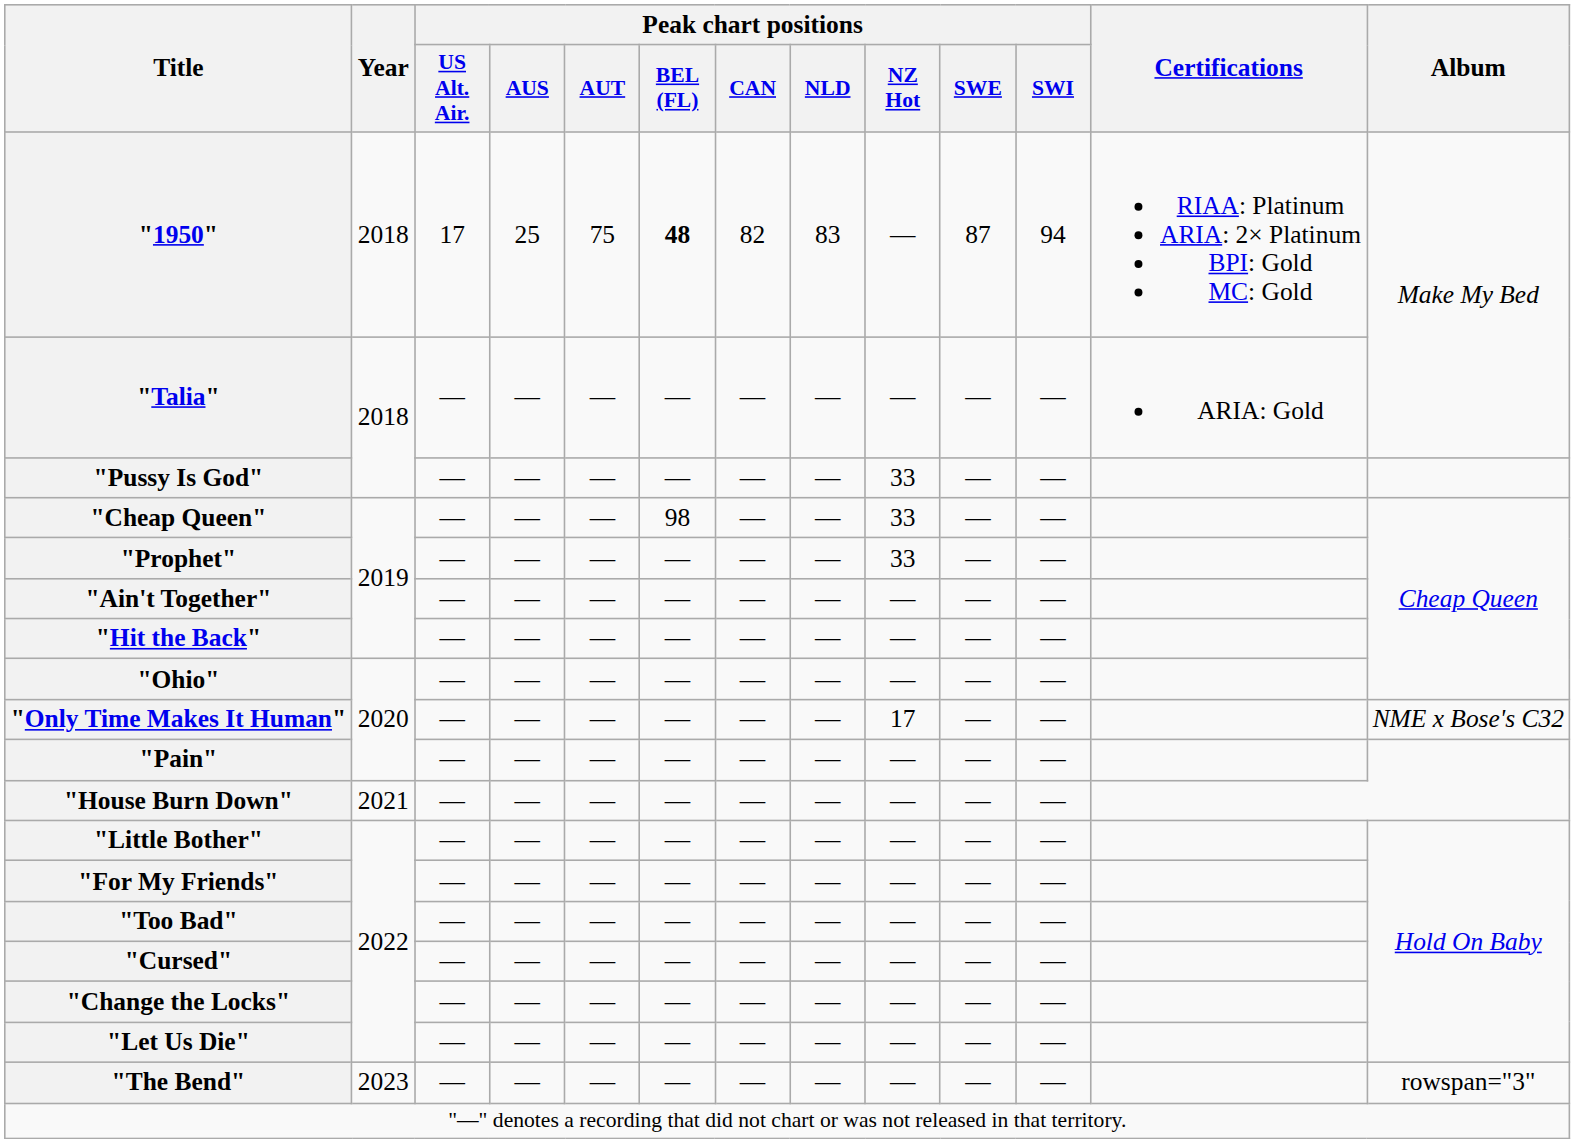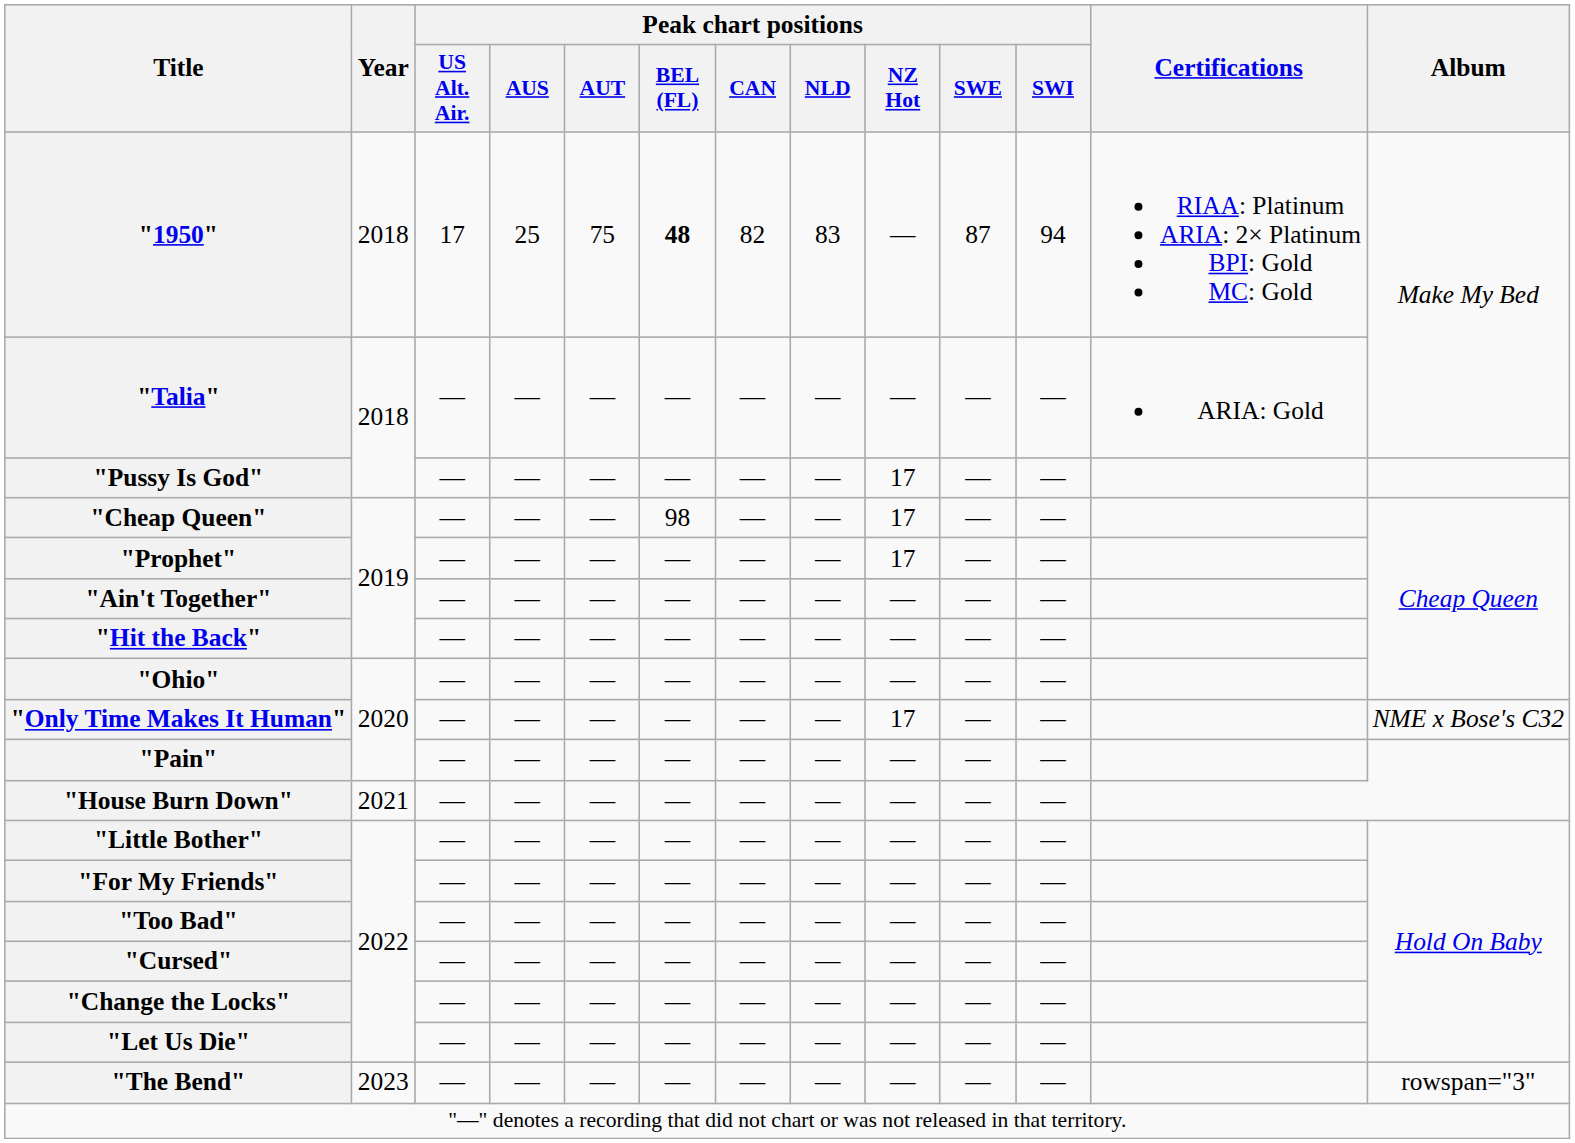 <table class="wikitable plainrowheaders" style="text-align:center;">
 <tr>
 <th scope="col" rowspan="2">Title</th>
 <th scope="col" rowspan="2">Year</th>
 <th colspan="9">Peak chart positions</th>
 <th scope="col" rowspan="2"><a href='#'>Certifications</a></th>
 <th scope="col" rowspan="2">Album</th>
 </tr>
 <tr>
 <th scope="col" style="width:3em;font-size:85%;"><a href='#'>US<br>Alt.<br>Air.</a><br></th>
 <th scope="col" style="width:3em;font-size:85%;"><a href='#'>AUS</a><br></th>
 <th scope="col" style="width:3em;font-size:85%;"><a href='#'>AUT</a><br></th>
 <th scope="col" style="width:3em;font-size:85%;"><a href='#'>BEL<br>(FL)</a><br></th>
 <th scope="col" style="width:3em;font-size:85%;"><a href='#'>CAN</a><br></th>
 <th scope="col" style="width:3em;font-size:85%;"><a href='#'>NLD</a><br></th>
 <th scope="col" style="width:3em;font-size:85%;"><a href='#'>NZ<br>Hot</a><br></th>
 <th scope="col" style="width:3em;font-size:85%;"><a href='#'>SWE</a><br></th>
 <th scope="col" style="width:3em;font-size:85%;"><a href='#'>SWI</a><br></th>
 </tr>
 <tr>
 <th scope="row">"<a href='#'>1950</a>"</th>
 <td rowspan="1">2018</td>
 <td>17</td>
 <td>25</td>
 <td>75</td>
 <td><strong>48</strong></td>
 <td>82</td>
 <td>83</td>
 <td>—</td>
 <td>87</td>
 <td>94</td>
 <td><br><ul><li><a href='#'>RIAA</a>: Platinum</li><li><a href='#'>ARIA</a>: 2× Platinum</li><li><a href='#'>BPI</a>: Gold</li><li><a href='#'>MC</a>: Gold</li></ul></td>
 <td rowspan="2"><em>Make My Bed</em></td>
 </tr>
 <tr>
 <th scope="row">"<a href='#'>Talia</a>"</th>
 <td rowspan="2">2018</td>
 <td>—</td>
 <td>—</td>
 <td>—</td>
 <td>—</td>
 <td>—</td>
 <td>—</td>
 <td>—</td>
 <td>—</td>
 <td>—</td>
 <td><br><ul><li>ARIA: Gold</li></ul></td>
 </tr>
 <tr>
 <th scope="row">"Pussy Is God"</th>
 <td>—</td>
 <td>—</td>
 <td>—</td>
 <td>—</td>
 <td>—</td>
 <td>—</td>
-<td>33</td>
+<td>17</td>
 <td>—</td>
 <td>—</td>
 <td></td>
 <td></td>
 </tr>
 <tr>
 <th scope="row">"Cheap Queen"</th>
 <td rowspan="4">2019</td>
 <td>—</td>
 <td>—</td>
 <td>—</td>
 <td>98</td>
 <td>—</td>
 <td>—</td>
-<td>33</td>
+<td>17</td>
 <td>—</td>
 <td>—</td>
 <td></td>
 <td rowspan="5"><em><a href='#'>Cheap Queen</a></em></td>
 </tr>
 <tr>
 <th scope="row">"Prophet"</th>
 <td>—</td>
 <td>—</td>
 <td>—</td>
 <td>—</td>
 <td>—</td>
 <td>—</td>
-<td>33</td>
+<td>17</td>
 <td>—</td>
 <td>—</td>
 <td></td>
 </tr>
 <tr>
 <th scope="row">"Ain't Together"</th>
 <td>—</td>
 <td>—</td>
 <td>—</td>
 <td>—</td>
 <td>—</td>
 <td>—</td>
 <td>—</td>
 <td>—</td>
 <td>—</td>
 <td></td>
 </tr>
 <tr>
 <th scope="row">"<a href='#'>Hit the Back</a>"</th>
 <td>—</td>
 <td>—</td>
 <td>—</td>
 <td>—</td>
 <td>—</td>
 <td>—</td>
 <td>—</td>
 <td>—</td>
 <td>—</td>
 <td></td>
 </tr>
 <tr>
 <th scope="row">"Ohio"</th>
 <td rowspan="3">2020</td>
 <td>—</td>
 <td>—</td>
 <td>—</td>
 <td>—</td>
 <td>—</td>
 <td>—</td>
 <td>—</td>
 <td>—</td>
 <td>—</td>
 <td></td>
 </tr>
 <tr>
 <th scope="row">"<a href='#'>Only Time Makes It Human</a>"</th>
 <td>—</td>
 <td>—</td>
 <td>—</td>
 <td>—</td>
 <td>—</td>
 <td>—</td>
 <td>17</td>
 <td>—</td>
 <td>—</td>
 <td></td>
 <td><em>NME x Bose's C32</em></td>
 </tr>
 <tr>
 <th scope="row">"Pain"</th>
 <td>—</td>
 <td>—</td>
 <td>—</td>
 <td>—</td>
 <td>—</td>
 <td>—</td>
 <td>—</td>
 <td>—</td>
 <td>—</td>
 <td></td>
 </tr>
 <tr>
 <th scope="row">"House Burn Down"</th>
 <td>2021</td>
 <td>—</td>
 <td>—</td>
 <td>—</td>
 <td>—</td>
 <td>—</td>
 <td>—</td>
 <td>—</td>
 <td>—</td>
 <td>—</td>
 </tr>
 <tr>
 <th scope="row">"Little Bother"<br></th>
 <td rowspan="6">2022</td>
 <td>—</td>
 <td>—</td>
 <td>—</td>
 <td>—</td>
 <td>—</td>
 <td>—</td>
 <td>—</td>
 <td>—</td>
 <td>—</td>
 <td></td>
 <td rowspan="6"><em><a href='#'>Hold On Baby</a></em></td>
 </tr>
 <tr>
 <th scope="row">"For My Friends"</th>
 <td>—</td>
 <td>—</td>
 <td>—</td>
 <td>—</td>
 <td>—</td>
 <td>—</td>
 <td>—</td>
 <td>—</td>
 <td>—</td>
 <td></td>
 </tr>
 <tr>
 <th scope="row">"Too Bad"</th>
 <td>—</td>
 <td>—</td>
 <td>—</td>
 <td>—</td>
 <td>—</td>
 <td>—</td>
 <td>—</td>
 <td>—</td>
 <td>—</td>
 <td></td>
 </tr>
 <tr>
 <th scope="row">"Cursed"</th>
 <td>—</td>
 <td>—</td>
 <td>—</td>
 <td>—</td>
 <td>—</td>
 <td>—</td>
 <td>—</td>
 <td>—</td>
 <td>—</td>
 <td></td>
 </tr>
 <tr>
 <th scope="row">"Change the Locks"</th>
 <td>—</td>
 <td>—</td>
 <td>—</td>
 <td>—</td>
 <td>—</td>
 <td>—</td>
 <td>—</td>
 <td>—</td>
 <td>—</td>
 <td></td>
 </tr>
 <tr>
 <th scope="row">"Let Us Die"</th>
 <td>—</td>
 <td>—</td>
 <td>—</td>
 <td>—</td>
 <td>—</td>
 <td>—</td>
 <td>—</td>
 <td>—</td>
 <td>—</td>
 <td></td>
 </tr>
 <tr>
 <th scope="row">"The Bend"</th>
 <td>2023</td>
 <td>—</td>
 <td>—</td>
 <td>—</td>
 <td>—</td>
 <td>—</td>
 <td>—</td>
 <td>—</td>
 <td>—</td>
 <td>—</td>
 <td></td>
 <td>rowspan="3" </td>
 </tr>
 <tr>
 <td colspan="14" style="font-size:85%;">"—" denotes a recording that did not chart or was not released in that territory.</td>
 </tr>
 </table>
